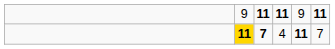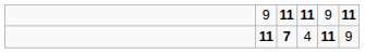 <table class="wikitable">
 <tr>
 <td style="width:18em"></td>
 <td align=center style="width:1em">9</td>
 <td align=center style="width:1em"><strong>11</strong></td>
 <td align=center style="width:1em"><strong>11</strong></td>
 <td align=center style="width:1em">9</td>
 <td align=center style="width:1em"><strong>11</strong></td>
 </tr>
 <tr>
 <td style="width:18em"></td>
-<td align=center style="background: gold; width:1em"><strong>11</strong></td>
+<td align=center style="width:1em"><strong>11</strong></td>
 <td align=center style="width:1em"><strong>7</strong></td>
 <td align=center style="width:1em">4</td>
 <td align=center style="width:1em"><strong>11</strong></td>
-<td align=center style="width:1em">7</td>
+<td align=center style="width:1em">9</td>
 </tr>
 </table>
